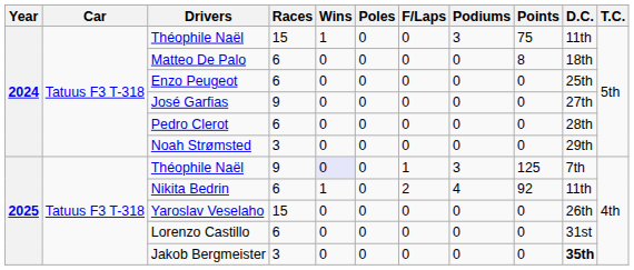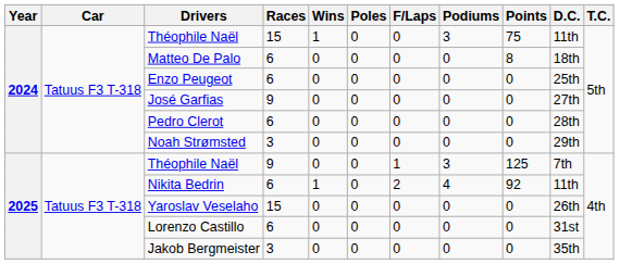 <table class="wikitable" style="font-size:85%">
 <tr>
 <th>Year</th>
 <th>Car</th>
 <th>Drivers</th>
 <th>Races</th>
 <th>Wins</th>
 <th>Poles</th>
 <th>F/Laps</th>
 <th>Podiums</th>
 <th>Points</th>
 <th>D.C.</th>
 <th>T.C.</th>
 </tr>
 <tr>
 <th rowspan="6"><a href='#'>2024</a></th>
 <td rowspan="6"><a href='#'>Tatuus F3 T-318</a></td>
 <td> <a href='#'>Théophile Naël</a></td>
 <td>15</td>
 <td>1</td>
 <td>0</td>
 <td>0</td>
 <td>3</td>
 <td>75</td>
 <td>11th</td>
 <td rowspan="6">5th</td>
 </tr>
 <tr>
 <td> <a href='#'>Matteo De Palo</a></td>
 <td>6</td>
 <td>0</td>
 <td>0</td>
 <td>0</td>
 <td>0</td>
 <td>8</td>
 <td>18th</td>
 </tr>
 <tr>
 <td> <a href='#'>Enzo Peugeot</a></td>
 <td>6</td>
 <td>0</td>
 <td>0</td>
 <td>0</td>
 <td>0</td>
 <td>0</td>
 <td>25th</td>
 </tr>
 <tr>
 <td> <a href='#'>José Garfias</a></td>
 <td>9</td>
 <td>0</td>
 <td>0</td>
 <td>0</td>
 <td>0</td>
 <td>0</td>
 <td>27th</td>
 </tr>
 <tr>
 <td> <a href='#'>Pedro Clerot</a></td>
 <td>6</td>
 <td>0</td>
 <td>0</td>
 <td>0</td>
 <td>0</td>
 <td>0</td>
 <td>28th</td>
 </tr>
 <tr>
 <td> <a href='#'>Noah Strømsted</a></td>
 <td>3</td>
 <td>0</td>
 <td>0</td>
 <td>0</td>
 <td>0</td>
 <td>0</td>
 <td>29th</td>
 </tr>
 <tr>
 <th rowspan="5"><a href='#'>2025</a></th>
 <td rowspan="5"><a href='#'>Tatuus F3 T-318</a></td>
 <td> <a href='#'>Théophile Naël</a></td>
 <td>9</td>
-<td style="background: lavender;">0</td>
+<td>0</td>
 <td>0</td>
 <td>1</td>
 <td>3</td>
 <td>125</td>
 <td>7th</td>
 <td rowspan="5">4th</td>
 </tr>
 <tr>
 <td> <a href='#'>Nikita Bedrin</a></td>
 <td>6</td>
 <td>1</td>
 <td>0</td>
 <td>2</td>
 <td>4</td>
 <td>92</td>
 <td>11th</td>
 </tr>
 <tr>
 <td> <a href='#'>Yaroslav Veselaho</a></td>
 <td>15</td>
 <td>0</td>
 <td>0</td>
 <td>0</td>
 <td>0</td>
 <td>0</td>
 <td>26th</td>
 </tr>
 <tr>
 <td> Lorenzo Castillo</td>
 <td>6</td>
 <td>0</td>
 <td>0</td>
 <td>0</td>
 <td>0</td>
 <td>0</td>
 <td>31st</td>
 </tr>
 <tr>
 <td> Jakob Bergmeister</td>
 <td>3</td>
 <td>0</td>
 <td>0</td>
 <td>0</td>
 <td>0</td>
 <td>0</td>
-<td><strong>35th</strong></td>
+<td>35th</td>
 </tr>
 </table>
